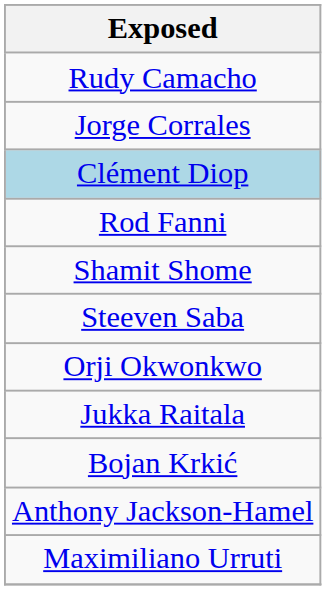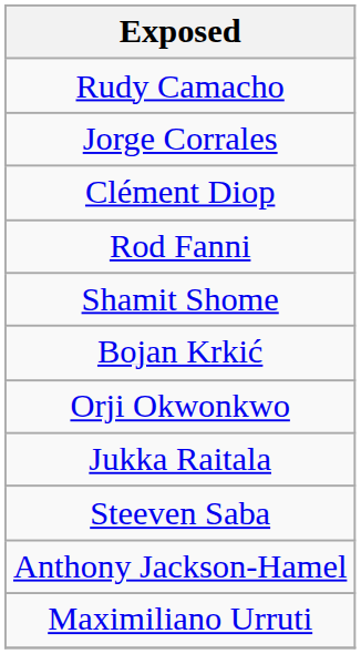 <table class="wikitable" style="text-align:center">
 <tr>
 <th>Exposed</th>
 </tr>
 <tr>
 <td><a href='#'>Rudy Camacho</a></td>
 </tr>
 <tr>
 <td><a href='#'>Jorge Corrales</a></td>
 </tr>
 <tr>
-<td style="background: lightblue;"><a href='#'>Clément Diop</a></td>
+<td><a href='#'>Clément Diop</a></td>
 </tr>
 <tr>
 <td><a href='#'>Rod Fanni</a></td>
 </tr>
 <tr>
 <td><a href='#'>Shamit Shome</a></td>
 </tr>
 <tr>
-<td><a href='#'>Steeven Saba</a></td>
+<td><a href='#'>Bojan Krkić</a></td>
 </tr>
 <tr>
 <td><a href='#'>Orji Okwonkwo</a></td>
 </tr>
 <tr>
 <td><a href='#'>Jukka Raitala</a></td>
 </tr>
 <tr>
-<td><a href='#'>Bojan Krkić</a></td>
+<td><a href='#'>Steeven Saba</a></td>
 </tr>
 <tr>
 <td><a href='#'>Anthony Jackson-Hamel</a></td>
 </tr>
 <tr>
 <td><a href='#'>Maximiliano Urruti</a></td>
 </tr>
 <tr>
 </tr>
 </table>
